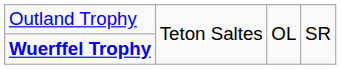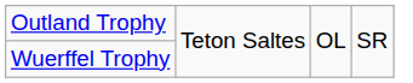 <table class="wikitable">
 <tr>
 <td><a href='#'>Outland Trophy</a></td>
 <td rowspan=2>Teton Saltes</td>
 <td rowspan=2 align=center>OL</td>
 <td rowspan=2 align=center>SR</td>
 </tr>
 <tr>
-<td><strong><a href='#'>Wuerffel Trophy</a></strong></td>
+<td><a href='#'>Wuerffel Trophy</a></td>
 </tr>
 </table>
